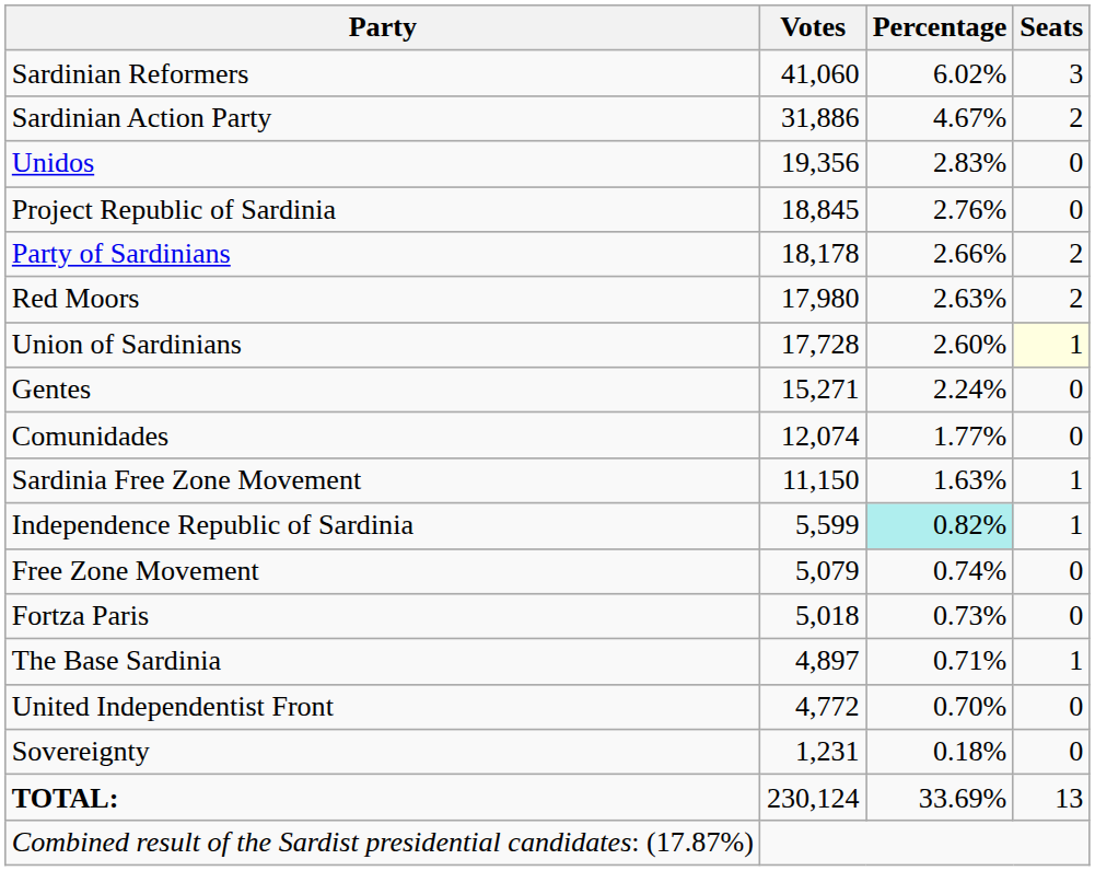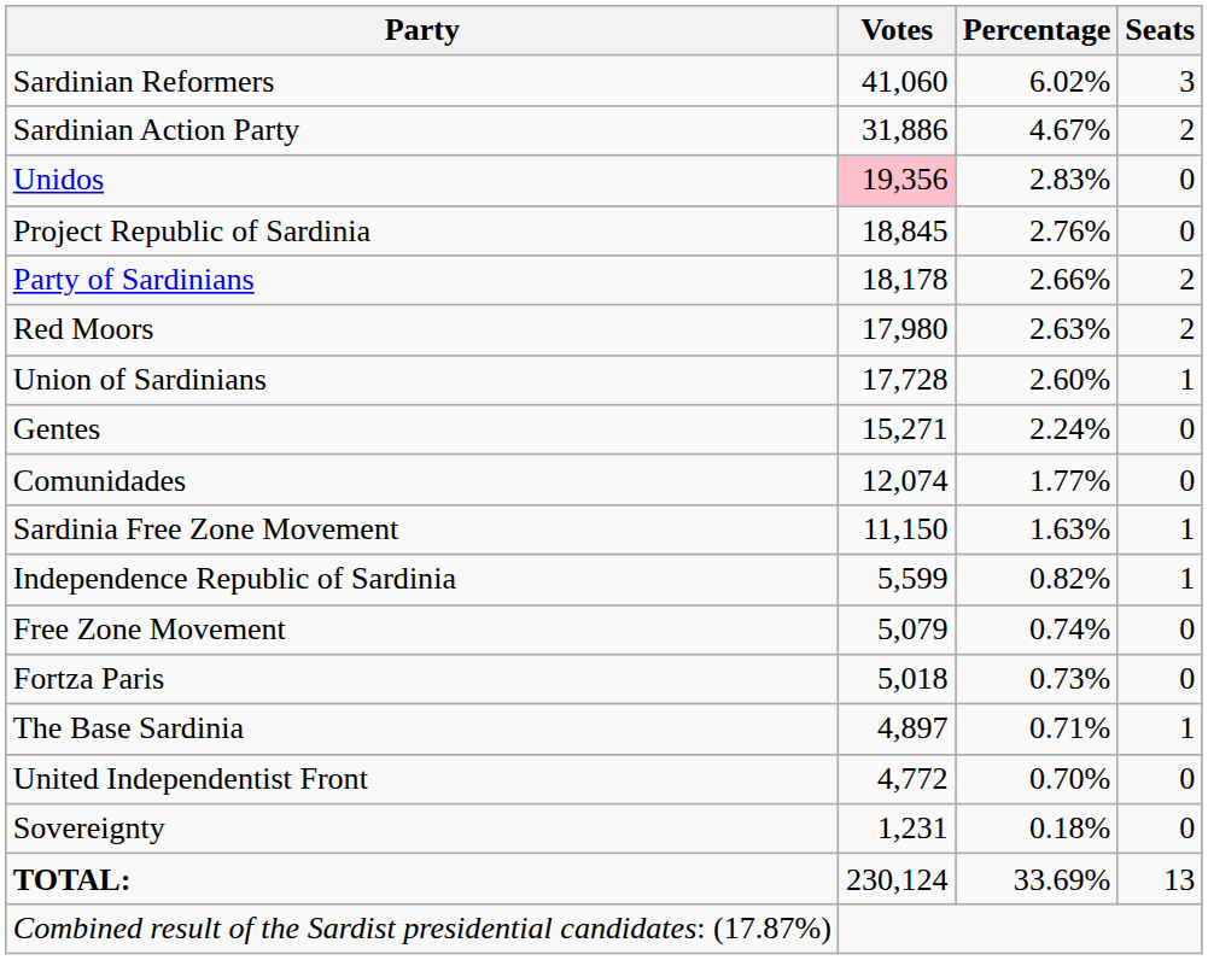 <table class="wikitable mw-collapsible" style="text-align:right">
 <tr>
 <th>Party</th>
 <th>Votes</th>
 <th>Percentage</th>
 <th>Seats</th>
 </tr>
 <tr>
 <td style="text-align:left;">Sardinian Reformers</td>
 <td>41,060</td>
 <td>6.02%</td>
 <td>3</td>
 </tr>
 <tr>
 <td style="text-align:left;">Sardinian Action Party</td>
 <td>31,886</td>
 <td>4.67%</td>
 <td>2</td>
 </tr>
 <tr>
 <td style="text-align:left;"><a href='#'>Unidos</a></td>
-<td>19,356</td>
+<td style="background: pink;">19,356</td>
 <td>2.83%</td>
 <td>0</td>
 </tr>
 <tr>
 <td style="text-align:left;">Project Republic of Sardinia</td>
 <td>18,845</td>
 <td>2.76%</td>
 <td>0</td>
 </tr>
 <tr>
 <td style="text-align:left;"><a href='#'>Party of Sardinians</a></td>
 <td>18,178</td>
 <td>2.66%</td>
 <td>2</td>
 </tr>
 <tr>
 <td style="text-align:left;">Red Moors</td>
 <td>17,980</td>
 <td>2.63%</td>
 <td>2</td>
 </tr>
 <tr>
 <td style="text-align:left;">Union of Sardinians</td>
 <td>17,728</td>
 <td>2.60%</td>
-<td style="background: lightyellow;">1</td>
+<td>1</td>
 </tr>
 <tr>
 <td style="text-align:left;">Gentes</td>
 <td>15,271</td>
 <td>2.24%</td>
 <td>0</td>
 </tr>
 <tr>
 <td style="text-align:left;">Comunidades</td>
 <td>12,074</td>
 <td>1.77%</td>
 <td>0</td>
 </tr>
 <tr>
 <td style="text-align:left;">Sardinia Free Zone Movement</td>
 <td>11,150</td>
 <td>1.63%</td>
 <td>1</td>
 </tr>
 <tr>
 <td style="text-align:left;">Independence Republic of Sardinia</td>
 <td>5,599</td>
-<td style="background: paleturquoise;">0.82%</td>
+<td>0.82%</td>
 <td>1</td>
 </tr>
 <tr>
 <td style="text-align:left;">Free Zone Movement</td>
 <td>5,079</td>
 <td>0.74%</td>
 <td>0</td>
 </tr>
 <tr>
 <td style="text-align:left;">Fortza Paris</td>
 <td>5,018</td>
 <td>0.73%</td>
 <td>0</td>
 </tr>
 <tr>
 <td style="text-align:left;">The Base Sardinia</td>
 <td>4,897</td>
 <td>0.71%</td>
 <td>1</td>
 </tr>
 <tr>
 <td style="text-align:left;">United Independentist Front</td>
 <td>4,772</td>
 <td>0.70%</td>
 <td>0</td>
 </tr>
 <tr>
 <td style="text-align:left;">Sovereignty</td>
 <td>1,231</td>
 <td>0.18%</td>
 <td>0</td>
 </tr>
 <tr>
 <td style="text-align:left;"><strong>TOTAL:</strong></td>
 <td>230,124</td>
 <td>33.69%</td>
 <td>13</td>
 </tr>
 <tr>
 <td><em>Combined result of the Sardist presidential candidates</em>:  (17.87%)</td>
 </tr>
 </table>
